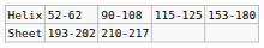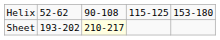 <table class="wikitable">
 <tr>
 <td>Helix</td>
 <td>52-62</td>
 <td>90-108</td>
 <td>115-125</td>
 <td>153-180</td>
 </tr>
 <tr>
 <td>Sheet</td>
 <td>193-202</td>
-<td>210-217</td>
+<td style="background: lightyellow;">210-217</td>
 <td></td>
 <td></td>
 </tr>
 </table>
